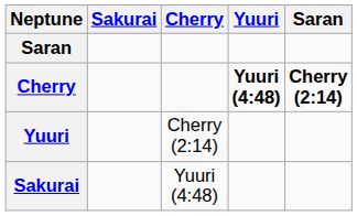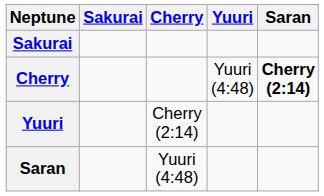 <table class="wikitable" style="text-align:center; margin: 1em auto 1em auto">
 <tr>
 <th>Neptune</th>
 <th><a href='#'>Sakurai</a></th>
 <th><a href='#'>Cherry</a></th>
 <th><a href='#'>Yuuri</a></th>
 <th>Saran</th>
 </tr>
 <tr>
-<th>Saran</th>
+<th><a href='#'>Sakurai</a></th>
 <td></td>
 <td></td>
 <td></td>
 <td></td>
 </tr>
 <tr>
 <th><a href='#'>Cherry</a></th>
 <td></td>
 <td></td>
-<td><strong>Yuuri<br>(4:48)</strong></td>
+<td>Yuuri<br>(4:48)</td>
 <td><strong>Cherry<br>(2:14)</strong></td>
 </tr>
 <tr>
 <th><a href='#'>Yuuri</a></th>
 <td></td>
 <td>Cherry<br>(2:14)</td>
 <td></td>
 <td></td>
 </tr>
 <tr>
-<th><a href='#'>Sakurai</a></th>
+<th>Saran</th>
 <td></td>
 <td>Yuuri<br>(4:48)</td>
 <td></td>
 <td></td>
 </tr>
 </table>
